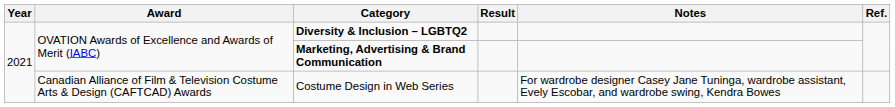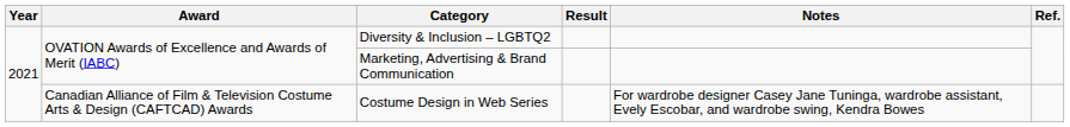 <table class="wikitable">
 <tr>
 <th>Year</th>
 <th>Award</th>
 <th>Category</th>
 <th>Result</th>
 <th>Notes</th>
 <th>Ref.</th>
 </tr>
 <tr>
 <td rowspan="3">2021</td>
 <td rowspan="2">OVATION Awards of Excellence and Awards of Merit (<a href='#'>IABC</a>)</td>
-<td><strong>Diversity & Inclusion – LGBTQ2</strong></td>
+<td>Diversity & Inclusion – LGBTQ2</td>
 <td></td>
 <td></td>
 <td rowspan="2"></td>
 </tr>
 <tr>
-<td><strong>Marketing, Advertising & Brand Communication</strong></td>
+<td>Marketing, Advertising & Brand Communication</td>
 <td></td>
 <td></td>
 </tr>
 <tr>
 <td>Canadian Alliance of Film & Television Costume Arts & Design (CAFTCAD) Awards</td>
 <td>Costume Design in Web Series</td>
 <td></td>
 <td>For wardrobe designer Casey Jane Tuninga, wardrobe assistant, Evely Escobar, and wardrobe swing, Kendra Bowes</td>
 <td></td>
 </tr>
 </table>
